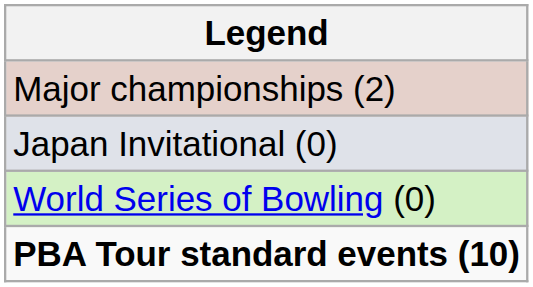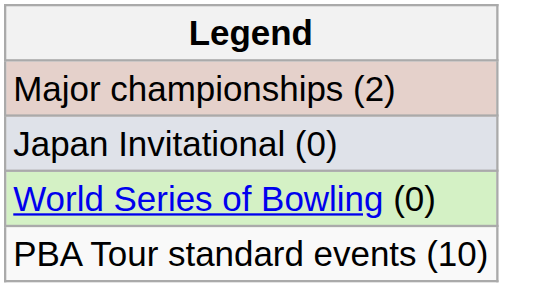 <table class="wikitable" style="font-size:95%;">
 <tr>
 <th>Legend</th>
 </tr>
 <tr style="background:#e5d1cb;">
 <td>Major championships (2)</td>
 </tr>
 <tr style="background:#dfe2e9;">
 <td>Japan Invitational (0)</td>
 </tr>
 <tr style="background:#d4f1c5;">
 <td><a href='#'>World Series of Bowling</a> (0)</td>
 </tr>
 <tr>
-<td><strong>PBA Tour standard events (10)</strong></td>
+<td>PBA Tour standard events (10)</td>
 </tr>
 </table>
